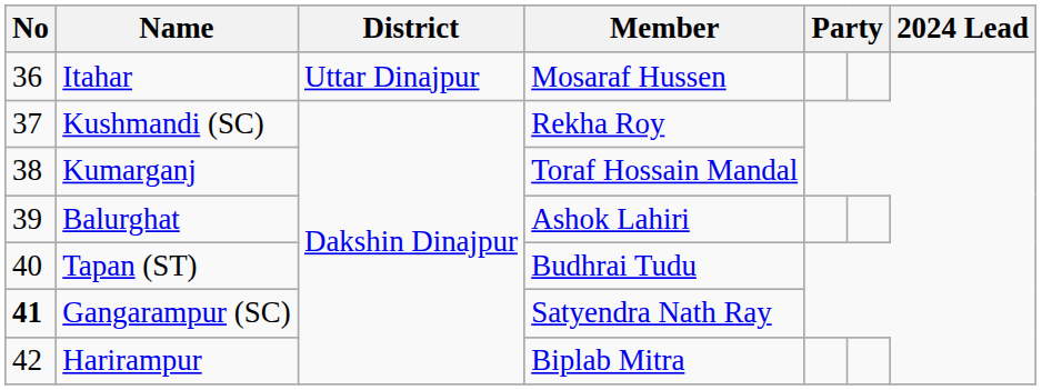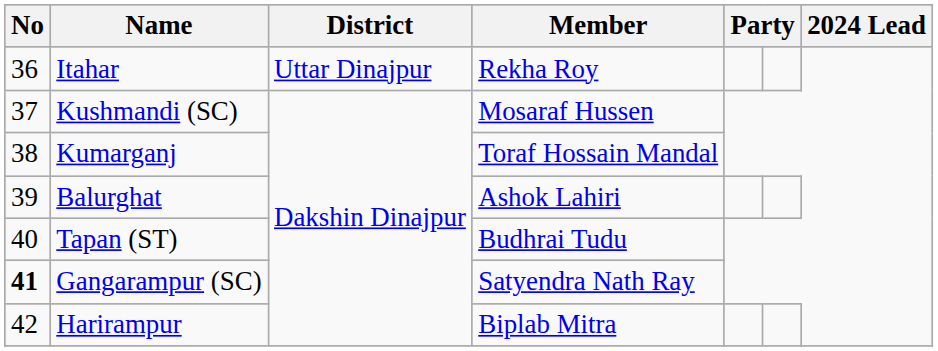 <table class="wikitable sortable">
 <tr>
 <th>No</th>
 <th>Name</th>
 <th>District</th>
 <th>Member</th>
 <th colspan="2">Party</th>
 <th colspan="2">2024 Lead</th>
 </tr>
 <tr>
 <td>36</td>
 <td><a href='#'>Itahar</a></td>
 <td><a href='#'>Uttar Dinajpur</a></td>
-<td><a href='#'>Mosaraf Hussen</a></td>
+<td><a href='#'>Rekha Roy</a></td>
 <td></td>
 <td></td>
 </tr>
 <tr>
 <td>37</td>
 <td><a href='#'>Kushmandi</a> (SC)</td>
 <td rowspan="6"><a href='#'>Dakshin Dinajpur</a></td>
-<td><a href='#'>Rekha Roy</a></td>
+<td><a href='#'>Mosaraf Hussen</a></td>
 </tr>
 <tr>
 <td>38</td>
 <td><a href='#'>Kumarganj</a></td>
 <td><a href='#'>Toraf Hossain Mandal</a></td>
 </tr>
 <tr>
 <td>39</td>
 <td><a href='#'>Balurghat</a></td>
 <td><a href='#'>Ashok Lahiri</a></td>
 <td></td>
 <td></td>
 </tr>
 <tr>
 <td>40</td>
 <td><a href='#'>Tapan</a> (ST)</td>
 <td><a href='#'>Budhrai Tudu</a></td>
 </tr>
 <tr>
 <td><strong>41</strong></td>
 <td><a href='#'>Gangarampur</a> (SC)</td>
 <td><a href='#'>Satyendra Nath Ray</a></td>
 </tr>
 <tr>
 <td>42</td>
 <td><a href='#'>Harirampur</a></td>
 <td><a href='#'>Biplab Mitra</a></td>
 <td></td>
 <td></td>
 </tr>
 </table>
